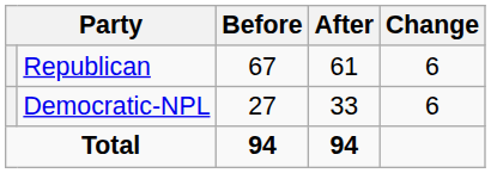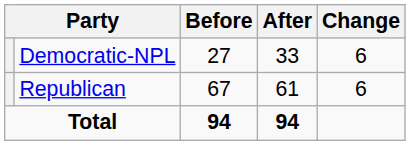 <table class="wikitable" style="text-align:center;">
 <tr>
 <th colspan="2">Party</th>
 <th>Before</th>
 <th>After</th>
 <th>Change</th>
 </tr>
 <tr>
 <th style="background-color:"></th>
-<td style="text-align:left;"><a href='#'>Republican</a></td>
-<td>67</td>
-<td>61</td>
+<td style="text-align:left;"><a href='#'>Democratic-NPL</a></td>
+<td>27</td>
+<td>33</td>
 <td> 6</td>
 </tr>
 <tr>
 <th style="background-color:"></th>
-<td style="text-align:left;"><a href='#'>Democratic-NPL</a></td>
-<td>27</td>
-<td>33</td>
+<td style="text-align:left;"><a href='#'>Republican</a></td>
+<td>67</td>
+<td>61</td>
 <td> 6</td>
 </tr>
 <tr>
 <td colspan="2"><strong>Total</strong></td>
 <td><strong>94</strong></td>
 <td><strong>94</strong></td>
 <td></td>
 </tr>
 </table>
